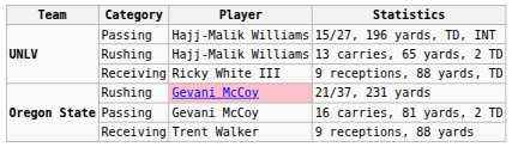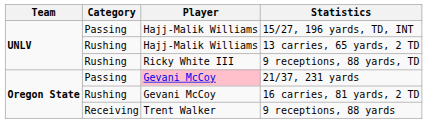 <table class="wikitable" style="float: right;">
 <tr>
 <th>Team</th>
 <th>Category</th>
 <th>Player</th>
 <th>Statistics</th>
 </tr>
 <tr>
 <td rowspan=3><strong>UNLV</strong></td>
 <td>Passing</td>
 <td>Hajj-Malik Williams</td>
 <td>15/27, 196 yards, TD, INT</td>
 </tr>
 <tr>
 <td>Rushing</td>
 <td>Hajj-Malik Williams</td>
 <td>13 carries, 65 yards, 2 TD</td>
 </tr>
 <tr>
-<td>Receiving</td>
+<td>Rushing</td>
 <td>Ricky White III</td>
 <td>9 receptions, 88 yards, TD</td>
 </tr>
 <tr>
 <td rowspan=3><strong>Oregon State</strong></td>
-<td>Rushing</td>
+<td>Passing</td>
 <td style="background: pink;"><a href='#'>Gevani McCoy</a></td>
 <td>21/37, 231 yards</td>
 </tr>
 <tr>
-<td>Passing</td>
+<td>Rushing</td>
 <td>Gevani McCoy</td>
 <td>16 carries, 81 yards, 2 TD</td>
 </tr>
 <tr>
 <td>Receiving</td>
 <td>Trent Walker</td>
 <td>9 receptions, 88 yards</td>
 </tr>
 </table>
